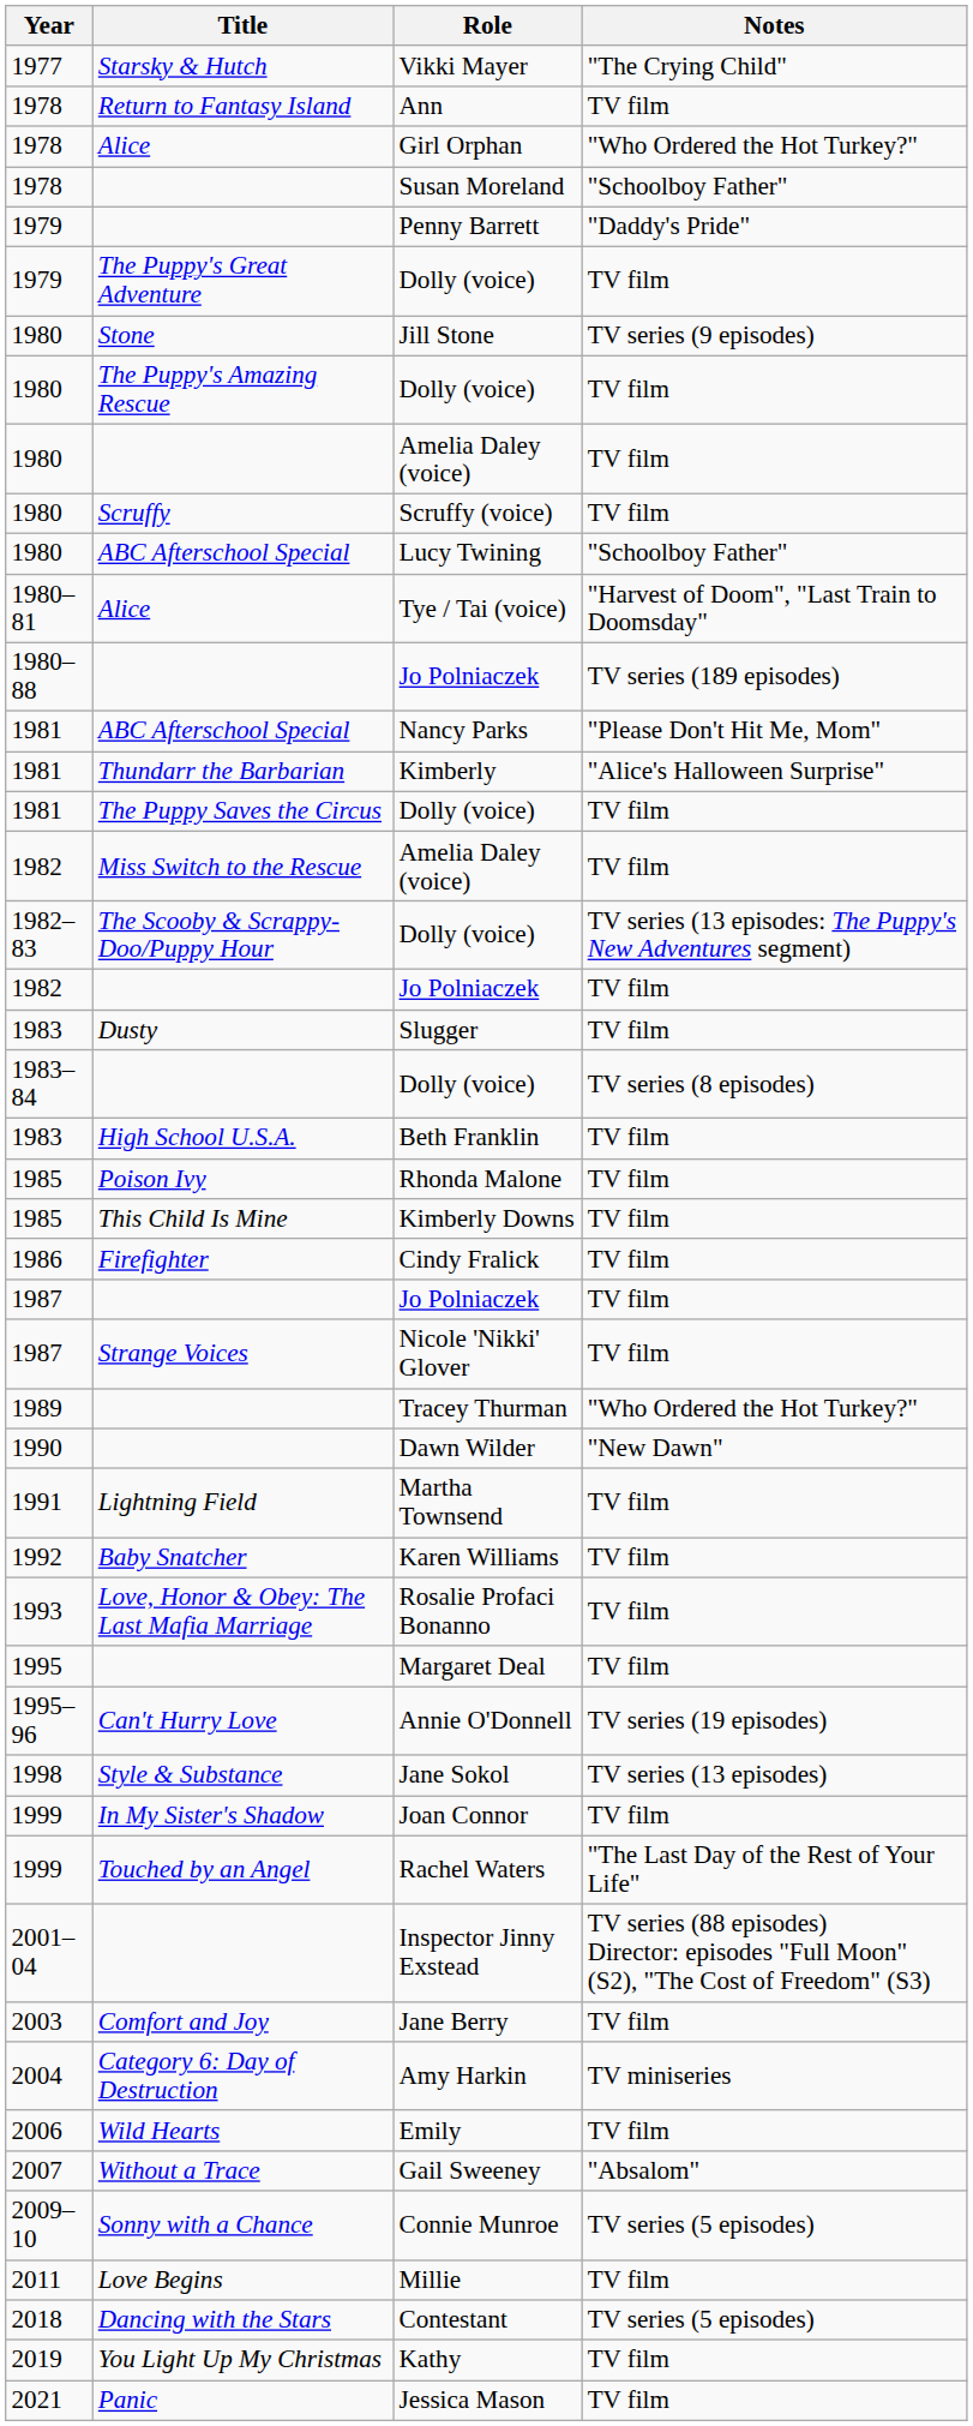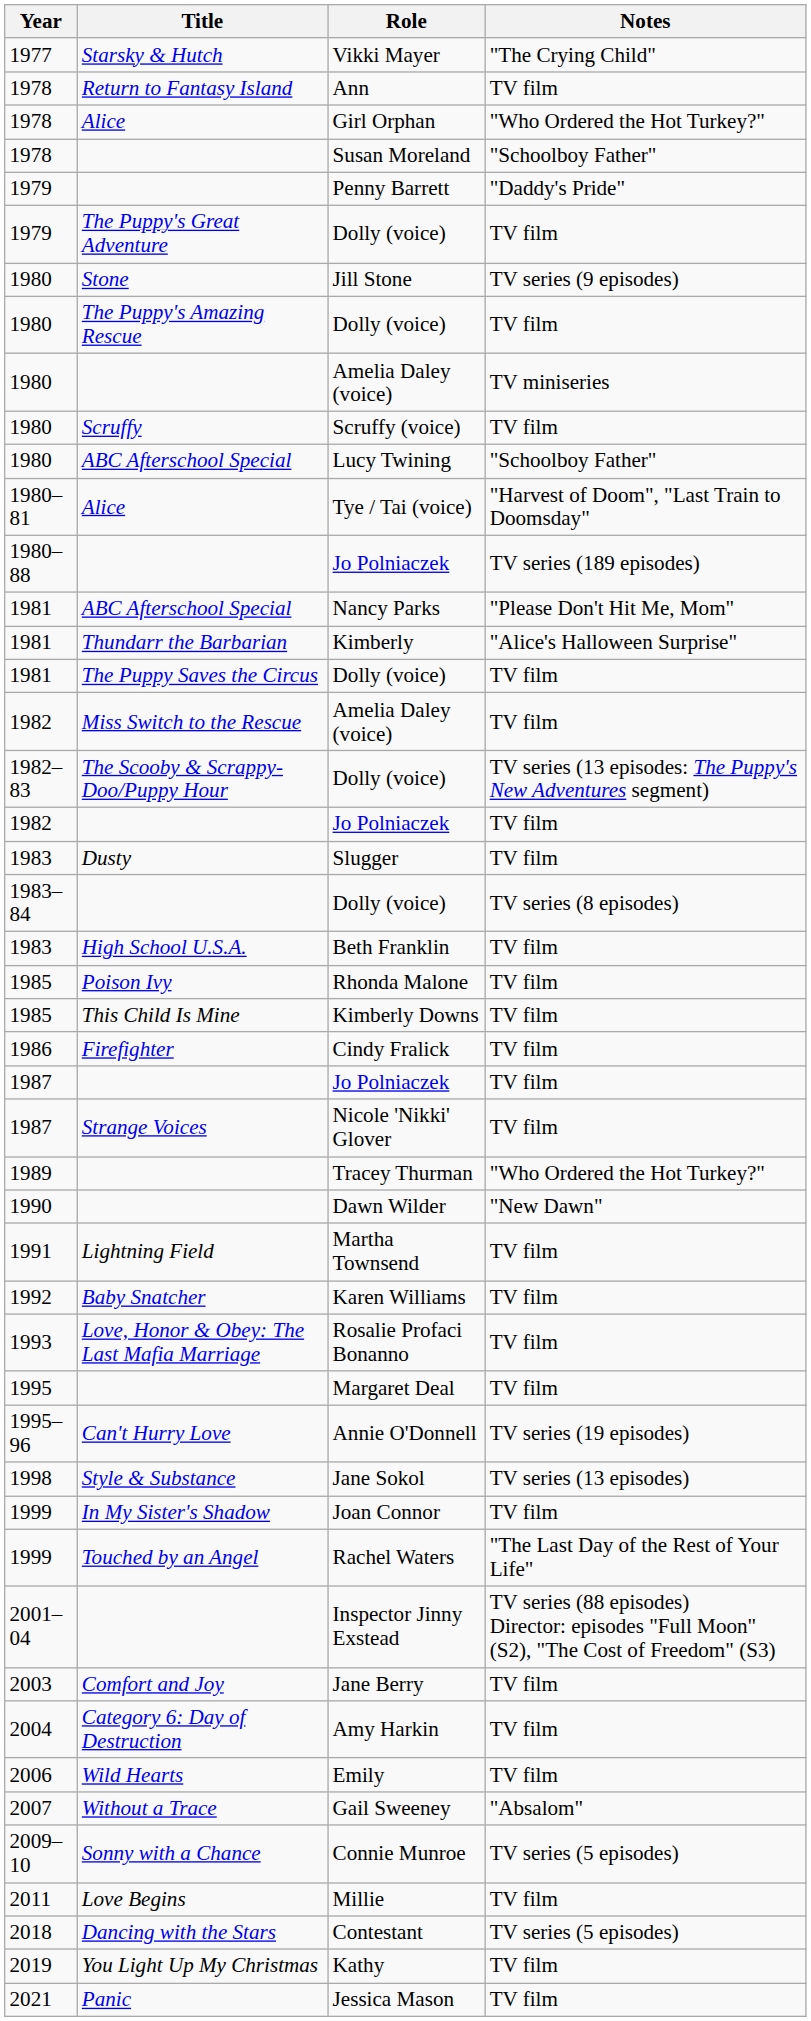 <table class="wikitable">
 <tr>
 <th>Year</th>
 <th>Title</th>
 <th>Role</th>
 <th>Notes</th>
 </tr>
 <tr>
 <td>1977</td>
 <td><em><a href='#'>Starsky & Hutch</a></em></td>
 <td>Vikki Mayer</td>
 <td>"The Crying Child"</td>
 </tr>
 <tr>
 <td>1978</td>
 <td><em><a href='#'>Return to Fantasy Island</a></em></td>
 <td>Ann</td>
 <td>TV film</td>
 </tr>
 <tr>
 <td>1978</td>
 <td><em><a href='#'>Alice</a></em></td>
 <td>Girl Orphan</td>
 <td>"Who Ordered the Hot Turkey?"</td>
 </tr>
 <tr>
 <td>1978</td>
 <td><em></em></td>
 <td>Susan Moreland</td>
 <td>"Schoolboy Father"</td>
 </tr>
 <tr>
 <td>1979</td>
 <td><em></em></td>
 <td>Penny Barrett</td>
 <td>"Daddy's Pride"</td>
 </tr>
 <tr>
 <td>1979</td>
 <td><em><a href='#'>The Puppy's Great Adventure</a></em></td>
 <td>Dolly (voice)</td>
 <td>TV film</td>
 </tr>
 <tr>
 <td>1980</td>
 <td><em><a href='#'>Stone</a></em></td>
 <td>Jill Stone</td>
 <td>TV series (9 episodes)</td>
 </tr>
 <tr>
 <td>1980</td>
 <td><em><a href='#'>The Puppy's Amazing Rescue</a></em></td>
 <td>Dolly (voice)</td>
 <td>TV film</td>
 </tr>
 <tr>
 <td>1980</td>
 <td><em></em></td>
 <td>Amelia Daley (voice)</td>
-<td>TV film</td>
+<td>TV miniseries</td>
 </tr>
 <tr>
 <td>1980</td>
 <td><em><a href='#'>Scruffy</a></em></td>
 <td>Scruffy (voice)</td>
 <td>TV film</td>
 </tr>
 <tr>
 <td>1980</td>
 <td><em><a href='#'>ABC Afterschool Special</a></em></td>
 <td>Lucy Twining</td>
 <td>"Schoolboy Father"</td>
 </tr>
 <tr>
 <td>1980–81</td>
 <td><em><a href='#'>Alice</a></em></td>
 <td>Tye / Tai (voice)</td>
 <td>"Harvest of Doom", "Last Train to Doomsday"</td>
 </tr>
 <tr>
 <td>1980–88</td>
 <td><em></em></td>
 <td><a href='#'>Jo Polniaczek</a></td>
 <td>TV series (189 episodes)</td>
 </tr>
 <tr>
 <td>1981</td>
 <td><em><a href='#'>ABC Afterschool Special</a></em></td>
 <td>Nancy Parks</td>
 <td>"Please Don't Hit Me, Mom"</td>
 </tr>
 <tr>
 <td>1981</td>
 <td><em><a href='#'>Thundarr the Barbarian</a></em></td>
 <td>Kimberly</td>
 <td>"Alice's Halloween Surprise"</td>
 </tr>
 <tr>
 <td>1981</td>
 <td><em><a href='#'>The Puppy Saves the Circus</a></em></td>
 <td>Dolly (voice)</td>
 <td>TV film</td>
 </tr>
 <tr>
 <td>1982</td>
 <td><em><a href='#'>Miss Switch to the Rescue</a></em></td>
 <td>Amelia Daley (voice)</td>
 <td>TV film</td>
 </tr>
 <tr>
 <td>1982–83</td>
 <td><em><a href='#'>The Scooby & Scrappy-Doo/Puppy Hour</a></em></td>
 <td>Dolly (voice)</td>
 <td>TV series (13 episodes: <em><a href='#'>The Puppy's New Adventures</a></em> segment)</td>
 </tr>
 <tr>
 <td>1982</td>
 <td><em></em></td>
 <td><a href='#'>Jo Polniaczek</a></td>
 <td>TV film</td>
 </tr>
 <tr>
 <td>1983</td>
 <td><em>Dusty</em></td>
 <td>Slugger</td>
 <td>TV film</td>
 </tr>
 <tr>
 <td>1983–84</td>
 <td><em></em></td>
 <td>Dolly (voice)</td>
 <td>TV series (8 episodes)</td>
 </tr>
 <tr>
 <td>1983</td>
 <td><em><a href='#'>High School U.S.A.</a></em></td>
 <td>Beth Franklin</td>
 <td>TV film</td>
 </tr>
 <tr>
 <td>1985</td>
 <td><em><a href='#'>Poison Ivy</a></em></td>
 <td>Rhonda Malone</td>
 <td>TV film</td>
 </tr>
 <tr>
 <td>1985</td>
 <td><em>This Child Is Mine</em></td>
 <td>Kimberly Downs</td>
 <td>TV film</td>
 </tr>
 <tr>
 <td>1986</td>
 <td><em><a href='#'>Firefighter</a></em></td>
 <td>Cindy Fralick</td>
 <td>TV film</td>
 </tr>
 <tr>
 <td>1987</td>
 <td><em></em></td>
 <td><a href='#'>Jo Polniaczek</a></td>
 <td>TV film</td>
 </tr>
 <tr>
 <td>1987</td>
 <td><em><a href='#'>Strange Voices</a></em></td>
 <td>Nicole 'Nikki' Glover</td>
 <td>TV film</td>
 </tr>
 <tr>
 <td>1989</td>
 <td><em></em></td>
 <td>Tracey Thurman</td>
 <td>"Who Ordered the Hot Turkey?"</td>
 </tr>
 <tr>
 <td>1990</td>
 <td><em></em></td>
 <td>Dawn Wilder</td>
 <td>"New Dawn"</td>
 </tr>
 <tr>
 <td>1991</td>
 <td><em>Lightning Field</em></td>
 <td>Martha Townsend</td>
 <td>TV film</td>
 </tr>
 <tr>
 <td>1992</td>
 <td><em><a href='#'>Baby Snatcher</a></em></td>
 <td>Karen Williams</td>
 <td>TV film</td>
 </tr>
 <tr>
 <td>1993</td>
 <td><em><a href='#'>Love, Honor & Obey: The Last Mafia Marriage</a></em></td>
 <td>Rosalie Profaci Bonanno</td>
 <td>TV film</td>
 </tr>
 <tr>
 <td>1995</td>
 <td><em></em></td>
 <td>Margaret Deal</td>
 <td>TV film</td>
 </tr>
 <tr>
 <td>1995–96</td>
 <td><em><a href='#'>Can't Hurry Love</a></em></td>
 <td>Annie O'Donnell</td>
 <td>TV series (19 episodes)</td>
 </tr>
 <tr>
 <td>1998</td>
 <td><em><a href='#'>Style & Substance</a></em></td>
 <td>Jane Sokol</td>
 <td>TV series (13 episodes)</td>
 </tr>
 <tr>
 <td>1999</td>
 <td><em><a href='#'>In My Sister's Shadow</a></em></td>
 <td>Joan Connor</td>
 <td>TV film</td>
 </tr>
 <tr>
 <td>1999</td>
 <td><em><a href='#'>Touched by an Angel</a></em></td>
 <td>Rachel Waters</td>
 <td>"The Last Day of the Rest of Your Life"</td>
 </tr>
 <tr>
 <td>2001–04</td>
 <td><em></em></td>
 <td>Inspector Jinny Exstead</td>
 <td>TV series (88 episodes)<br>Director: episodes "Full Moon" (S2), "The Cost of Freedom" (S3)</td>
 </tr>
 <tr>
 <td>2003</td>
 <td><em><a href='#'>Comfort and Joy</a></em></td>
 <td>Jane Berry</td>
 <td>TV film</td>
 </tr>
 <tr>
 <td>2004</td>
 <td><em><a href='#'>Category 6: Day of Destruction</a></em></td>
 <td>Amy Harkin</td>
-<td>TV miniseries</td>
+<td>TV film</td>
 </tr>
 <tr>
 <td>2006</td>
 <td><em><a href='#'>Wild Hearts</a></em></td>
 <td>Emily</td>
 <td>TV film</td>
 </tr>
 <tr>
 <td>2007</td>
 <td><em><a href='#'>Without a Trace</a></em></td>
 <td>Gail Sweeney</td>
 <td>"Absalom"</td>
 </tr>
 <tr>
 <td>2009–10</td>
 <td><em><a href='#'>Sonny with a Chance</a></em></td>
 <td>Connie Munroe</td>
 <td>TV series (5 episodes)</td>
 </tr>
 <tr>
 <td>2011</td>
 <td><em>Love Begins</em></td>
 <td>Millie</td>
 <td>TV film</td>
 </tr>
 <tr>
 <td>2018</td>
 <td><em><a href='#'>Dancing with the Stars</a></em></td>
 <td>Contestant</td>
 <td>TV series (5 episodes)</td>
 </tr>
 <tr>
 <td>2019</td>
 <td><em>You Light Up My Christmas</em></td>
 <td>Kathy</td>
 <td>TV film</td>
 </tr>
 <tr>
 <td>2021</td>
 <td><em><a href='#'>Panic</a></em></td>
 <td>Jessica Mason</td>
 <td>TV film</td>
 </tr>
 </table>
